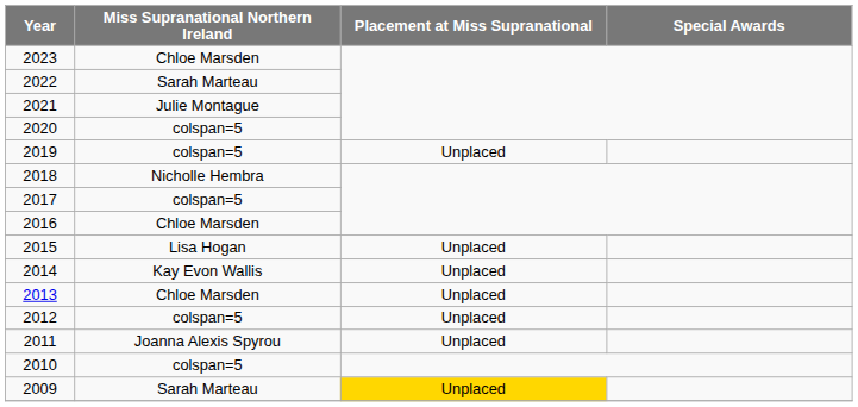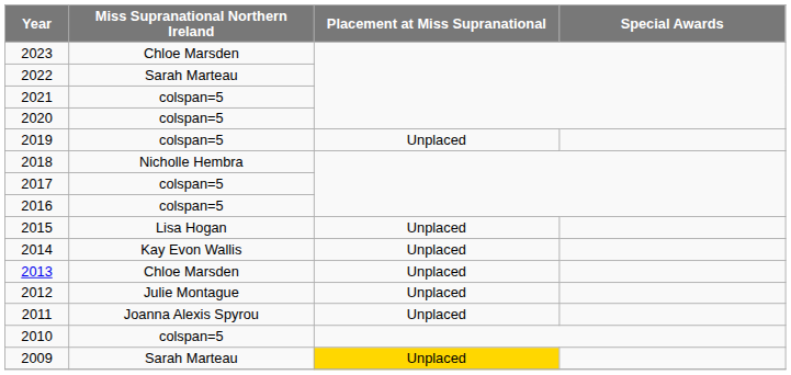 <table class="wikitable" style="font-size: 92%; text-align:center">
 <tr>
 <th width="60" style="background-color:#787878;color:#FFFFFF;">Year</th>
 <th width="250" style="background-color:#787878;color:#FFFFFF;">Miss Supranational Northern Ireland</th>
 <th width="250" style="background-color:#787878;color:#FFFFFF;">Placement at Miss Supranational</th>
 <th width="230" style="background-color:#787878;color:#FFFFFF;">Special Awards</th>
 </tr>
 <tr>
 <td>2023</td>
 <td>Chloe Marsden</td>
 </tr>
 <tr>
 <td>2022</td>
 <td>Sarah Marteau</td>
 </tr>
 <tr>
 <td>2021</td>
-<td>Julie Montague</td>
+<td>colspan=5 </td>
 </tr>
 <tr>
 <td>2020</td>
 <td>colspan=5 </td>
 </tr>
 <tr>
 <td>2019</td>
 <td>colspan=5 </td>
 <td>Unplaced</td>
 <td></td>
 </tr>
 <tr>
 <td>2018</td>
 <td>Nicholle Hembra</td>
 </tr>
 <tr>
 <td>2017</td>
 <td>colspan=5 </td>
 </tr>
 <tr>
 <td>2016</td>
-<td>Chloe Marsden</td>
+<td>colspan=5 </td>
 </tr>
 <tr>
 <td>2015</td>
 <td>Lisa Hogan</td>
 <td>Unplaced</td>
 <td></td>
 </tr>
 <tr>
 <td>2014</td>
 <td>Kay Evon Wallis</td>
 <td>Unplaced</td>
 <td></td>
 </tr>
 <tr>
 <td><a href='#'>2013</a></td>
 <td>Chloe Marsden</td>
 <td>Unplaced</td>
 <td></td>
 </tr>
 <tr>
 <td>2012</td>
-<td>colspan=5 </td>
+<td>Julie Montague</td>
 <td>Unplaced</td>
 <td></td>
 </tr>
 <tr>
 <td>2011</td>
 <td>Joanna Alexis Spyrou</td>
 <td>Unplaced</td>
 <td></td>
 </tr>
 <tr>
 <td>2010</td>
 <td>colspan=5 </td>
 </tr>
 <tr>
 <td>2009</td>
 <td>Sarah Marteau</td>
 <td style="background: gold;">Unplaced</td>
 <td></td>
 </tr>
 <tr>
 </tr>
 </table>
